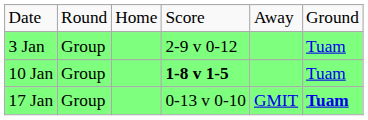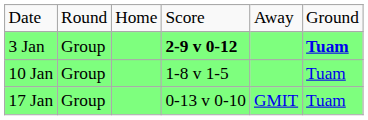 <table class="wikitable">
 <tr>
 <td>Date</td>
 <td>Round</td>
 <td>Home</td>
 <td>Score</td>
 <td>Away</td>
 <td>Ground</td>
 </tr>
 <tr bgcolor="#7eff7e">
 <td>3 Jan</td>
 <td>Group</td>
 <td> </td>
-<td>2-9 v 0-12</td>
+<td><strong>2-9 v 0-12</strong></td>
 <td> </td>
-<td><a href='#'>Tuam</a></td>
+<td><strong><a href='#'>Tuam</a></strong></td>
 </tr>
 <tr bgcolor="#7eff7e">
 <td>10 Jan</td>
 <td>Group</td>
 <td> </td>
-<td><strong>1-8 v 1-5</strong></td>
+<td>1-8 v 1-5</td>
 <td> </td>
 <td><a href='#'>Tuam</a></td>
 </tr>
 <tr bgcolor="#7eff7e">
 <td>17 Jan</td>
 <td>Group</td>
 <td> </td>
 <td>0-13 v 0-10</td>
 <td> <a href='#'>GMIT</a></td>
-<td><strong><a href='#'>Tuam</a></strong></td>
+<td><a href='#'>Tuam</a></td>
 </tr>
 </table>
